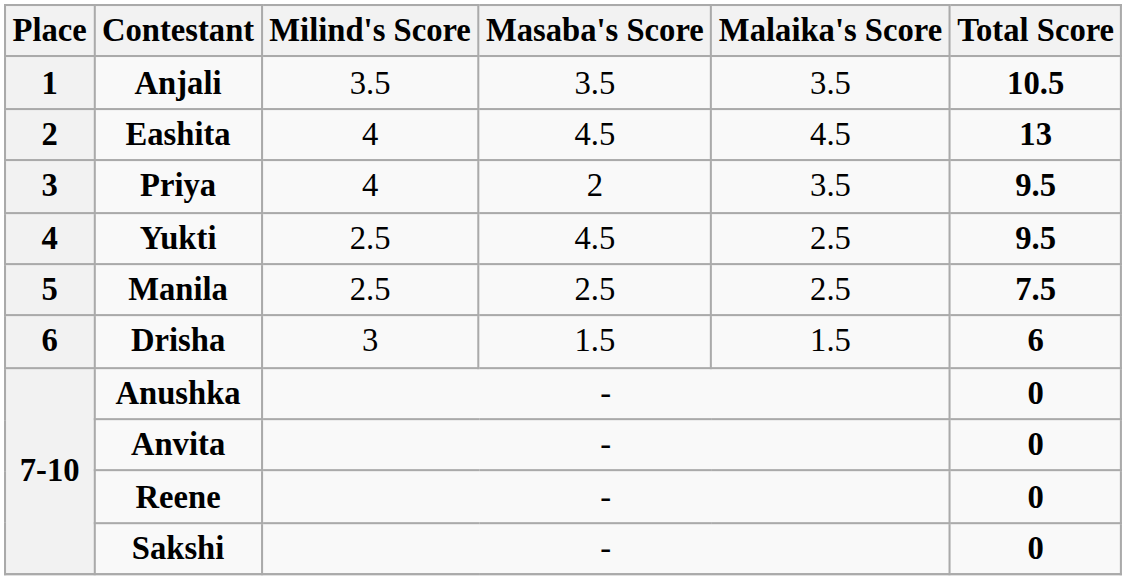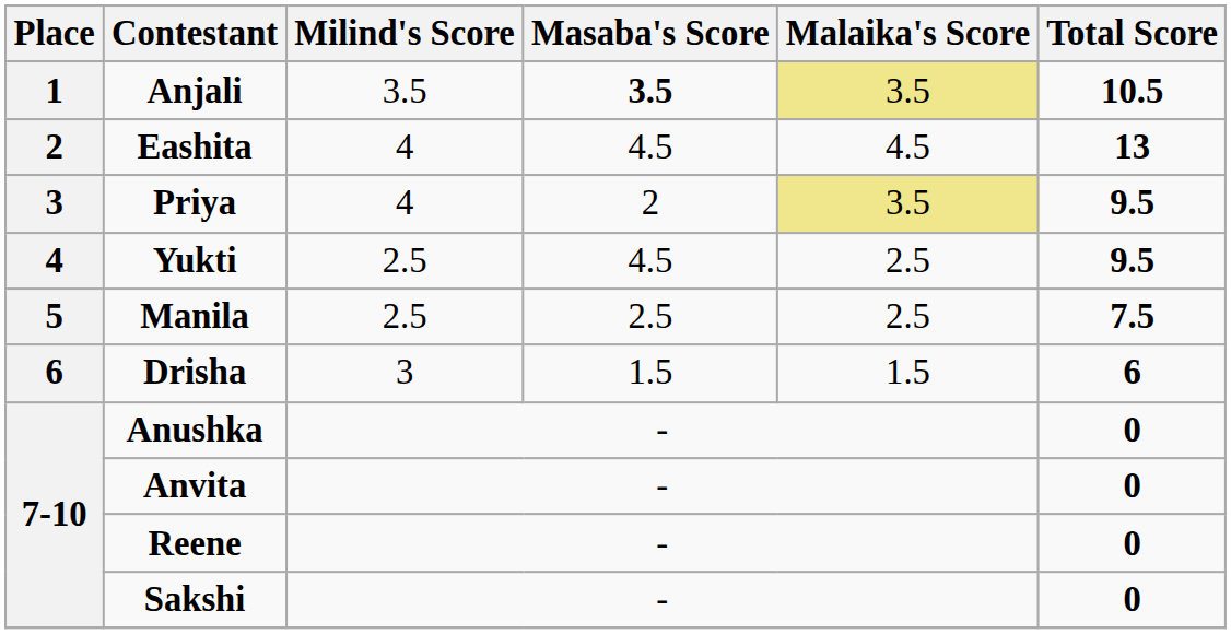 <table class="wikitable" style="text-align:center">
 <tr>
 <th>Place</th>
 <th>Contestant</th>
 <th>Milind's Score</th>
 <th scope="col">Masaba's Score</th>
 <th>Malaika's Score</th>
 <th>Total Score</th>
 </tr>
 <tr>
 <th>1</th>
 <td><strong>Anjali</strong></td>
 <td>3.5</td>
-<td>3.5</td>
-<td>3.5</td>
+<td><strong>3.5</strong></td>
+<td style="background: khaki;">3.5</td>
 <td><strong>10.5</strong></td>
 </tr>
 <tr>
 <th>2</th>
 <td><strong>Eashita</strong></td>
 <td>4</td>
 <td>4.5</td>
 <td>4.5</td>
 <td><strong>13</strong></td>
 </tr>
 <tr>
 <th>3</th>
 <td><strong>Priya</strong></td>
 <td>4</td>
 <td>2</td>
-<td>3.5</td>
+<td style="background: khaki;">3.5</td>
 <td><strong>9.5</strong></td>
 </tr>
 <tr>
 <th>4</th>
 <td><strong>Yukti</strong></td>
 <td>2.5</td>
 <td>4.5</td>
 <td>2.5</td>
 <td><strong>9.5</strong></td>
 </tr>
 <tr>
 <th>5</th>
 <td><strong>Manila</strong></td>
 <td>2.5</td>
 <td>2.5</td>
 <td>2.5</td>
 <td><strong>7.5</strong></td>
 </tr>
 <tr>
 <th>6</th>
 <td><strong>Drisha</strong></td>
 <td>3</td>
 <td>1.5</td>
 <td>1.5</td>
 <td><strong>6</strong></td>
 </tr>
 <tr>
 <th rowspan="4">7-10</th>
 <td><strong>Anushka</strong></td>
 <td colspan="3">-</td>
 <td><strong>0</strong></td>
 </tr>
 <tr>
 <td><strong>Anvita</strong></td>
 <td colspan="3">-</td>
 <td><strong>0</strong></td>
 </tr>
 <tr>
 <td><strong>Reene</strong></td>
 <td colspan="3">-</td>
 <td><strong>0</strong></td>
 </tr>
 <tr>
 <td><strong>Sakshi</strong></td>
 <td colspan="3">-</td>
 <td><strong>0</strong></td>
 </tr>
 <tr>
 </tr>
 </table>
